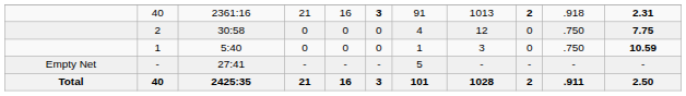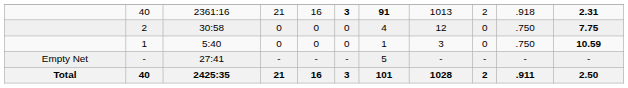 <table class="wikitable sortable" width ="1000">
 <tr align="center">
 </tr>
 <tr align="center" bgcolor="">
 <td></td>
 <td>40</td>
 <td>2361:16</td>
 <td>21</td>
 <td>16</td>
 <td><strong>3</strong></td>
-<td>91</td>
+<td><strong>91</strong></td>
 <td>1013</td>
-<td><strong>2</strong></td>
+<td>2</td>
 <td>.918</td>
 <td><strong>2.31</strong></td>
 </tr>
 <tr align="center" bgcolor="f0f0f0">
 <td></td>
 <td>2</td>
 <td>30:58</td>
 <td>0</td>
 <td>0</td>
 <td>0</td>
 <td>4</td>
 <td>12</td>
 <td>0</td>
 <td>.750</td>
 <td><strong>7.75</strong></td>
 </tr>
 <tr align="center" bgcolor="">
 <td></td>
 <td>1</td>
 <td>5:40</td>
 <td>0</td>
 <td>0</td>
 <td>0</td>
 <td>1</td>
 <td>3</td>
 <td>0</td>
 <td>.750</td>
 <td><strong>10.59</strong></td>
 </tr>
 <tr align="center" bgcolor="f0f0f0">
 <td>Empty Net</td>
 <td>-</td>
 <td>27:41</td>
 <td>-</td>
 <td>-</td>
 <td>-</td>
 <td>5</td>
 <td>-</td>
 <td>-</td>
 <td>-</td>
 <td>-</td>
 </tr>
 <tr>
 <th>Total</th>
 <th>40</th>
 <th>2425:35</th>
 <th>21</th>
 <th>16</th>
 <th>3</th>
 <th>101</th>
 <th>1028</th>
 <th>2</th>
 <th>.911</th>
 <th>2.50</th>
 </tr>
 </table>
